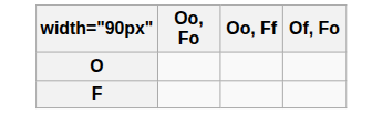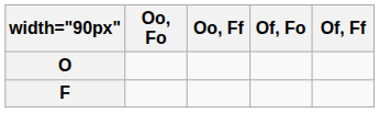 <table class="wikitable" style="margin-left: auto; margin-right: auto; border: none;">
 <tr>
 <th>width="90px" </th>
 <th width="50px">Oo, Fo</th>
 <th width="50px">Oo, Ff</th>
 <th width="50px">Of, Fo</th>
+<th width="50px">Of, Ff</th>
 </tr>
 <tr>
 <th>O</th>
+<td></td>
 <td></td>
 <td></td>
 <td></td>
 </tr>
 <tr>
 <th>F</th>
 <td></td>
 <td></td>
 <td></td>
+<td></td>
 </tr>
 </table>
